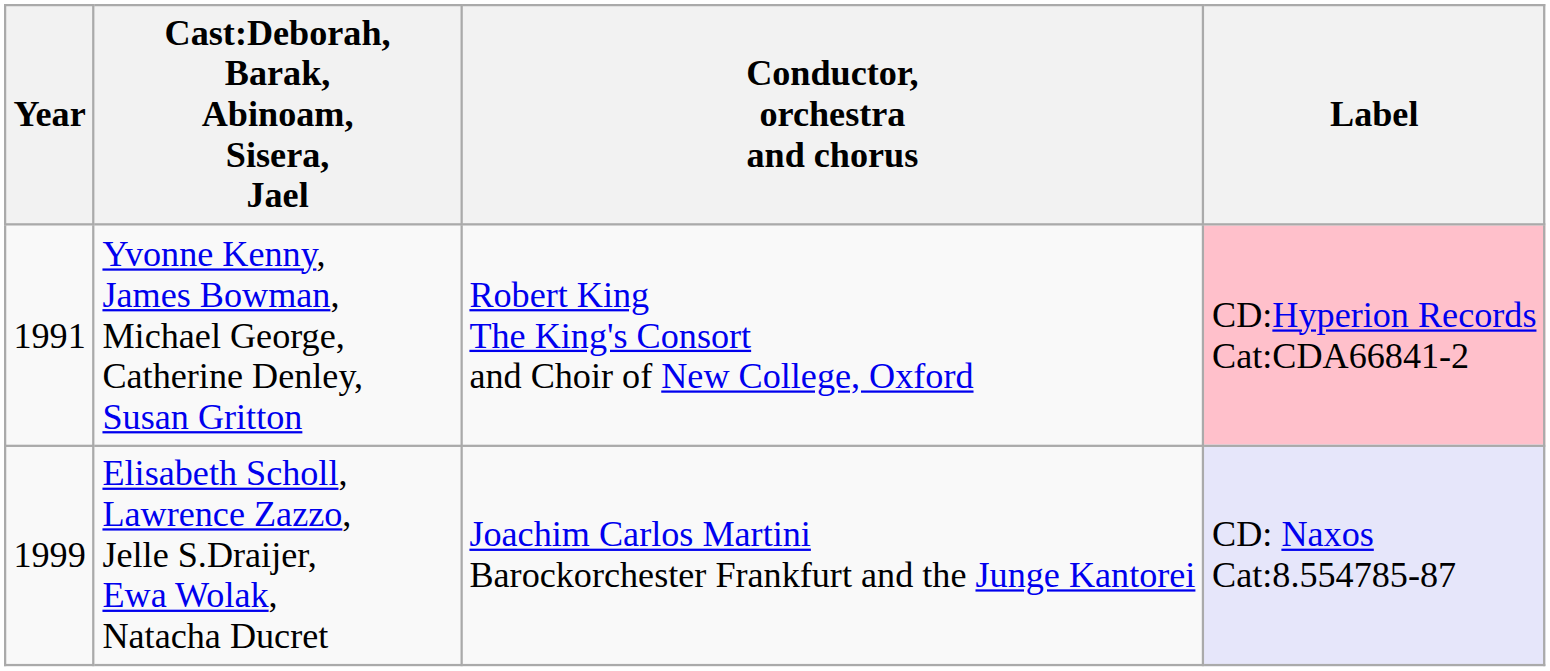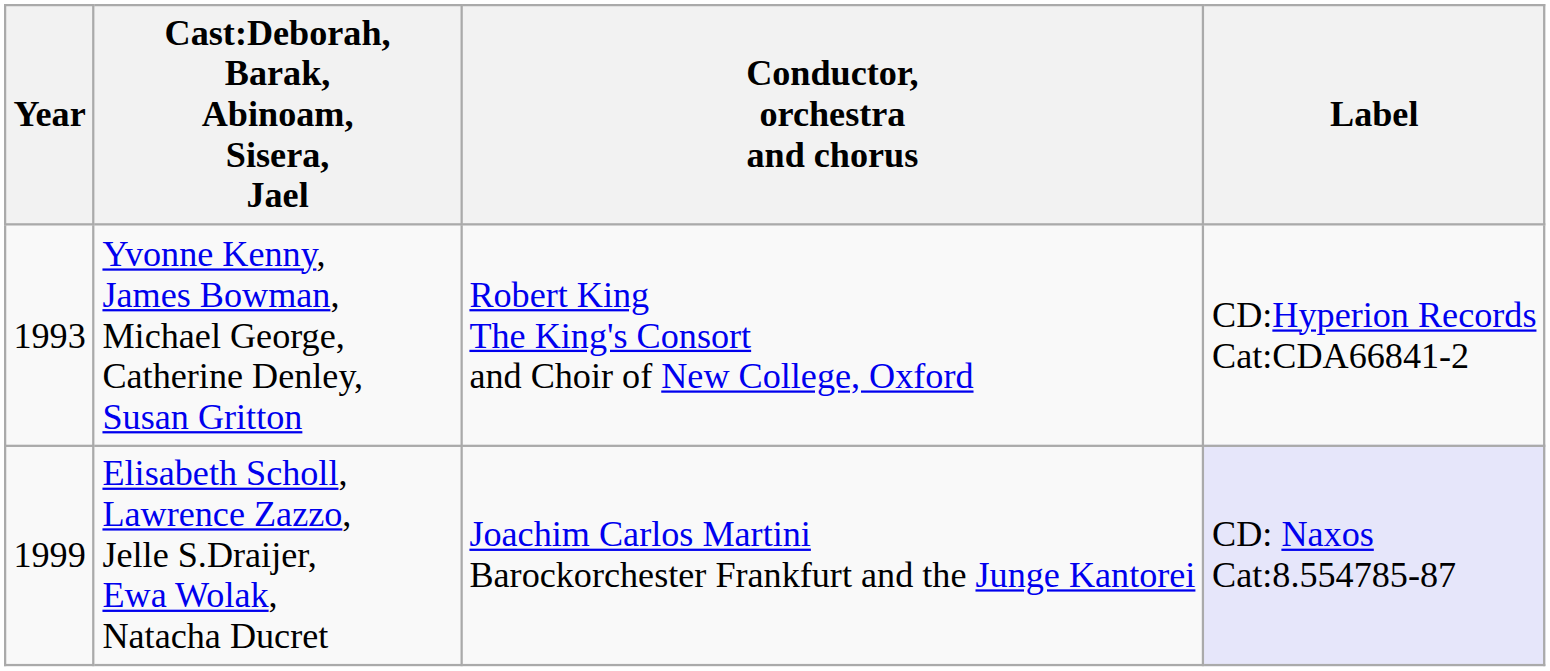 <table class="wikitable">
 <tr>
 <th>Year</th>
 <th width="155">Cast:Deborah,<br>Barak,<br>Abinoam,<br>Sisera,<br>Jael <br></th>
 <th>Conductor,<br>orchestra<br>and chorus</th>
 <th>Label</th>
 </tr>
 <tr>
-<td>1991</td>
+<td>1993</td>
 <td><a href='#'>Yvonne Kenny</a>,<br> <a href='#'>James Bowman</a>,<br>Michael George,<br>Catherine Denley,<br><a href='#'>Susan Gritton</a><br></td>
 <td><a href='#'>Robert King</a><br><a href='#'>The King's Consort</a><br> and Choir of <a href='#'>New College, Oxford</a></td>
-<td style="background: pink;">CD:<a href='#'>Hyperion Records</a><br>Cat:CDA66841-2</td>
+<td>CD:<a href='#'>Hyperion Records</a><br>Cat:CDA66841-2</td>
 </tr>
 <tr>
 <td>1999</td>
 <td><a href='#'>Elisabeth Scholl</a>,<br><a href='#'>Lawrence Zazzo</a>,<br>Jelle S.Draijer,<br><a href='#'>Ewa Wolak</a>,<br>Natacha Ducret</td>
 <td><a href='#'>Joachim Carlos Martini</a><br>Barockorchester Frankfurt and the <a href='#'>Junge Kantorei</a></td>
 <td style="background: lavender;">CD: <a href='#'>Naxos</a><br>Cat:8.554785-87</td>
 </tr>
 </table>
